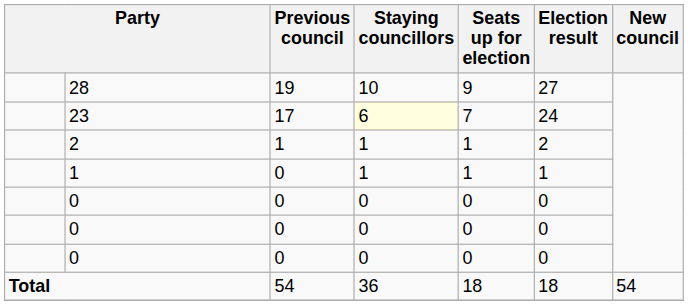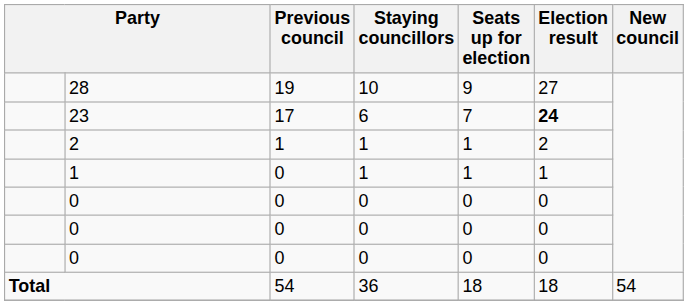 <table class="wikitable">
 <tr>
 <th valign=top colspan="2" style="width: 230px">Party</th>
 <th valign=top style="width: 30px">Previous council</th>
 <th valign=top style="width: 30px">Staying councillors</th>
 <th valign=top style="width: 30px">Seats up for election</th>
 <th valign=top style="width: 30px">Election result</th>
 <th valign=top style="width: 30px">New council</th>
 </tr>
 <tr>
 <td></td>
 <td>28</td>
 <td>19</td>
 <td>10</td>
 <td>9</td>
 <td>27</td>
 </tr>
 <tr>
 <td></td>
 <td>23</td>
 <td>17</td>
-<td style="background: lightyellow;">6</td>
+<td>6</td>
 <td>7</td>
-<td>24</td>
+<td><strong>24</strong></td>
 </tr>
 <tr>
 <td></td>
 <td>2</td>
 <td>1</td>
 <td>1</td>
 <td>1</td>
 <td>2</td>
 </tr>
 <tr>
 <td></td>
 <td>1</td>
 <td>0</td>
 <td>1</td>
 <td>1</td>
 <td>1</td>
 </tr>
 <tr>
 <td></td>
 <td>0</td>
 <td>0</td>
 <td>0</td>
 <td>0</td>
 <td>0</td>
 </tr>
 <tr>
 <td></td>
 <td>0</td>
 <td>0</td>
 <td>0</td>
 <td>0</td>
 <td>0</td>
 </tr>
 <tr>
 <td></td>
 <td>0</td>
 <td>0</td>
 <td>0</td>
 <td>0</td>
 <td>0</td>
 </tr>
 <tr>
 <td colspan="2"><strong>Total</strong></td>
 <td>54</td>
 <td>36</td>
 <td>18</td>
 <td>18</td>
 <td>54</td>
 </tr>
 <tr>
 </tr>
 </table>
